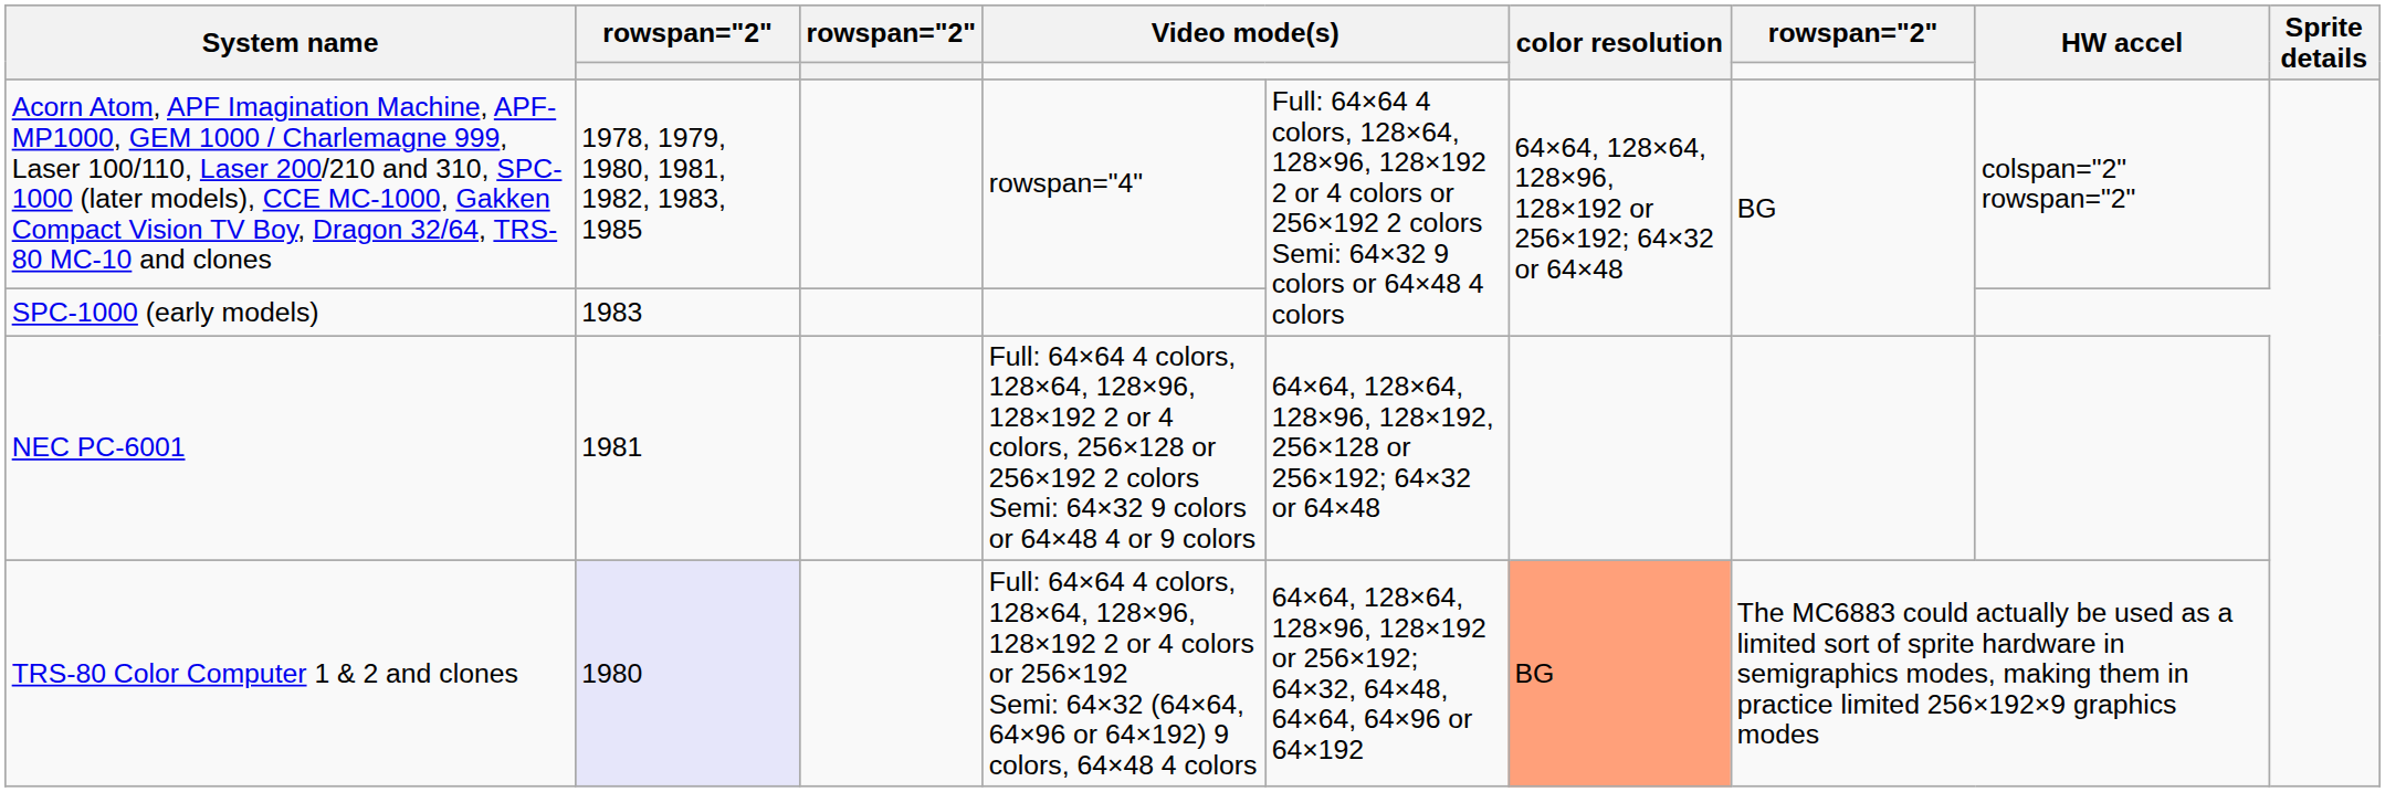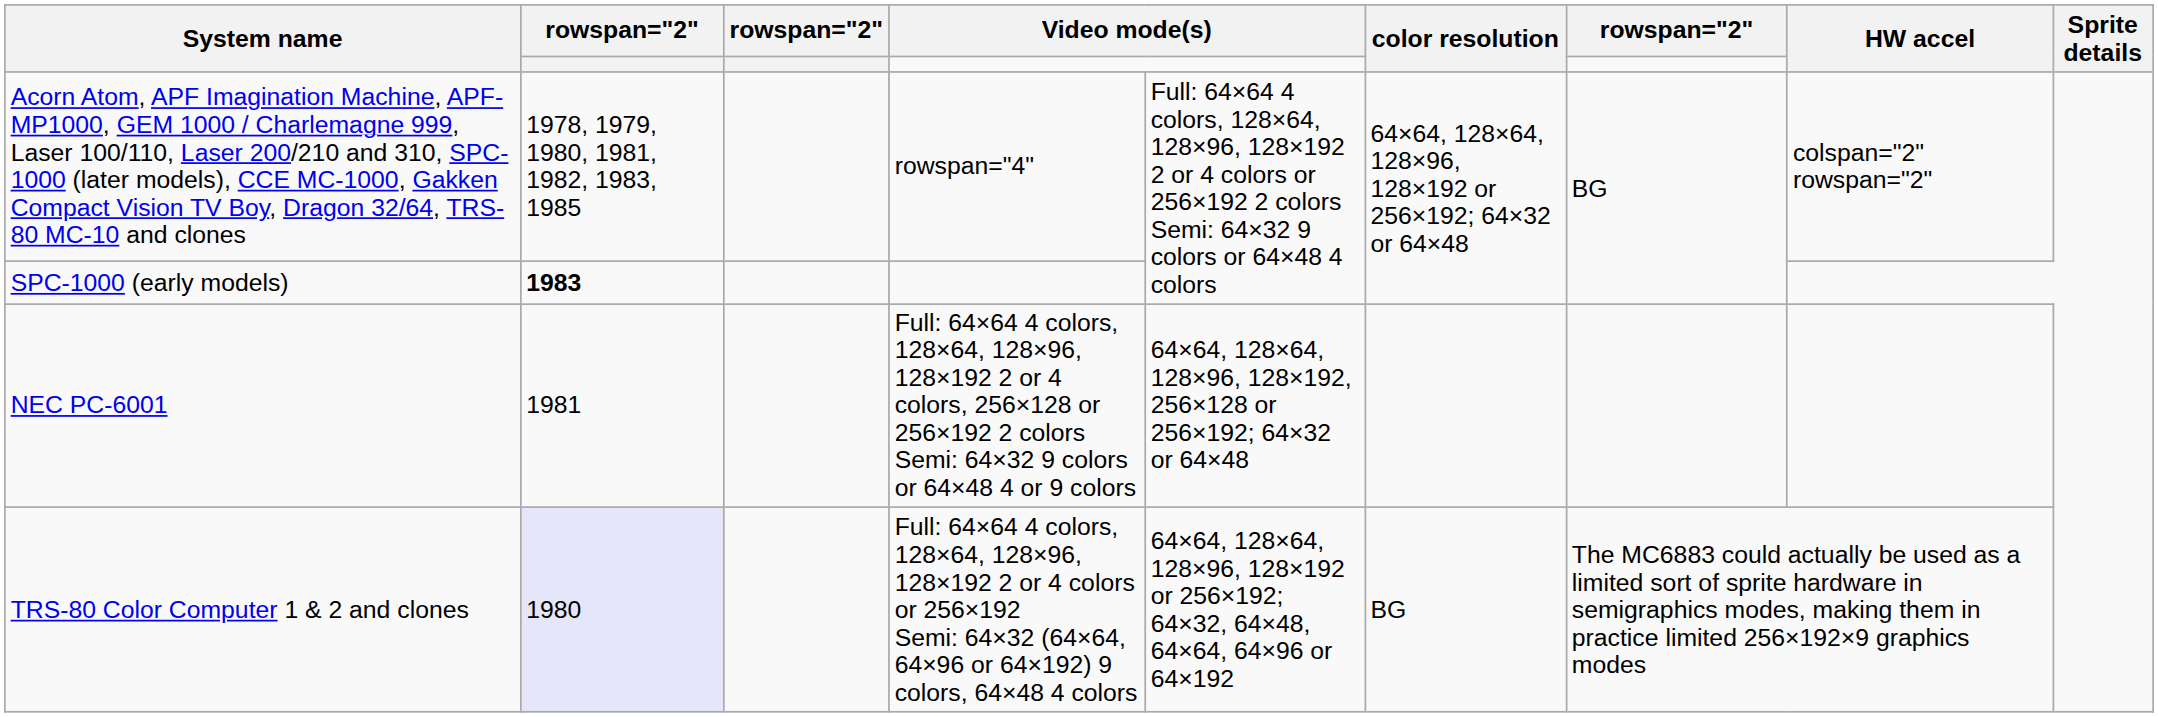 <table class="wikitable sortable sort-under" style="font-size: 90%;">
 <tr>
 <th rowspan="2">System name</th>
 <th>rowspan="2" </th>
 <th>rowspan="2" </th>
 <th colspan="2">Video mode(s)</th>
 <th rowspan="2">color resolution</th>
 <th>rowspan="2" </th>
 <th rowspan="2">HW accel</th>
 <th rowspan="2">Sprite details</th>
 </tr>
 <tr>
 <th></th>
 <th></th>
 </tr>
 <tr>
 <td><a href='#'>Acorn Atom</a>, <a href='#'>APF Imagination Machine</a>, <a href='#'>APF-MP1000</a>, <a href='#'>GEM 1000 / Charlemagne 999</a>, Laser 100/110, <a href='#'>Laser 200</a>/210 and 310, <a href='#'>SPC-1000</a> (later models), <a href='#'>CCE MC-1000</a>,  <a href='#'>Gakken Compact Vision TV Boy</a>, <a href='#'>Dragon 32/64</a>, <a href='#'>TRS-80 MC-10</a> and clones</td>
 <td>1978, 1979, 1980, 1981, 1982, 1983, 1985<br></td>
 <td></td>
 <td>rowspan="4" </td>
 <td rowspan="2">Full: 64×64 4 colors, 128×64, 128×96, 128×192 2 or 4 colors or 256×192 2 colors<br>Semi: 64×32 9 colors or 64×48 4 colors</td>
 <td rowspan="2">64×64, 128×64, 128×96, 128×192 or 256×192; 64×32 or 64×48</td>
 <td rowspan="2">BG</td>
 <td>colspan="2" rowspan="2" </td>
 </tr>
 <tr>
 <td><a href='#'>SPC-1000</a> (early models)</td>
-<td>1983</td>
+<td><strong>1983</strong></td>
 <td></td>
 </tr>
 <tr>
 <td><a href='#'>NEC PC-6001</a></td>
 <td>1981</td>
 <td></td>
 <td>Full: 64×64 4 colors, 128×64, 128×96, 128×192 2 or 4 colors, 256×128 or 256×192 2 colors<br>Semi: 64×32 9 colors or 64×48 4 or 9 colors</td>
 <td>64×64, 128×64, 128×96, 128×192, 256×128 or 256×192; 64×32 or 64×48</td>
 <td></td>
 <td></td>
 <td></td>
 </tr>
 <tr>
 <td><a href='#'>TRS-80 Color Computer</a> 1 & 2 and clones</td>
 <td style="background: lavender;">1980</td>
 <td></td>
 <td>Full: 64×64 4 colors, 128×64, 128×96, 128×192 2 or 4 colors or 256×192<br>Semi: 64×32 (64×64, 64×96 or 64×192) 9 colors, 64×48 4 colors</td>
 <td>64×64, 128×64, 128×96, 128×192 or 256×192; 64×32, 64×48, 64×64, 64×96 or 64×192</td>
-<td style="background: lightsalmon;">BG</td>
+<td>BG</td>
 <td colspan="2">The MC6883 could actually be used as a limited sort of sprite hardware in semigraphics modes, making them in practice limited 256×192×9 graphics modes</td>
 </tr>
 </table>
